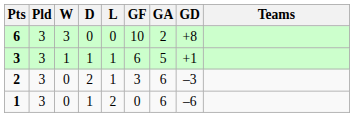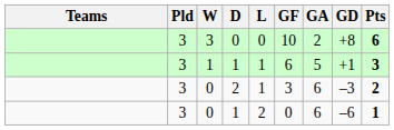 <table class="wikitable" style="text-align: center;">
 <tr>
-<th width=20>Pts</th>
+<th width=165>Teams</th>
 <th width=20>Pld</th>
 <th width=20>W</th>
 <th width=20>D</th>
 <th width=20>L</th>
 <th width=20>GF</th>
 <th width=20>GA</th>
 <th width=20>GD</th>
-<th width=165>Teams</th>
+<th width=20>Pts</th>
 </tr>
 <tr align=center style="background:#ccffcc;">
-<td><strong>6</strong></td>
+<td style="text-align:left;"></td>
 <td>3</td>
 <td>3</td>
 <td>0</td>
 <td>0</td>
 <td>10</td>
 <td>2</td>
 <td>+8</td>
-<td style="text-align:left;"></td>
+<td><strong>6</strong></td>
 </tr>
 <tr align=center style="background:#ccffcc;">
-<td><strong>3</strong></td>
+<td style="text-align:left;"></td>
 <td>3</td>
 <td>1</td>
 <td>1</td>
 <td>1</td>
 <td>6</td>
 <td>5</td>
 <td>+1</td>
-<td style="text-align:left;"></td>
+<td><strong>3</strong></td>
 </tr>
 <tr align=center>
-<td><strong>2</strong></td>
+<td style="text-align:left;"></td>
 <td>3</td>
 <td>0</td>
 <td>2</td>
 <td>1</td>
 <td>3</td>
 <td>6</td>
 <td>–3</td>
-<td style="text-align:left;"></td>
+<td><strong>2</strong></td>
 </tr>
 <tr align=center>
-<td><strong>1</strong></td>
+<td style="text-align:left;"></td>
 <td>3</td>
 <td>0</td>
 <td>1</td>
 <td>2</td>
 <td>0</td>
 <td>6</td>
 <td>–6</td>
-<td style="text-align:left;"></td>
+<td><strong>1</strong></td>
 </tr>
 </table>
